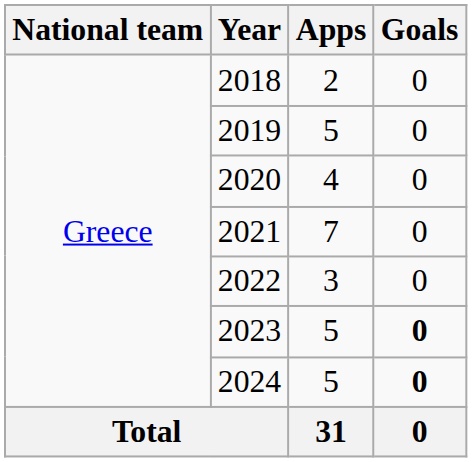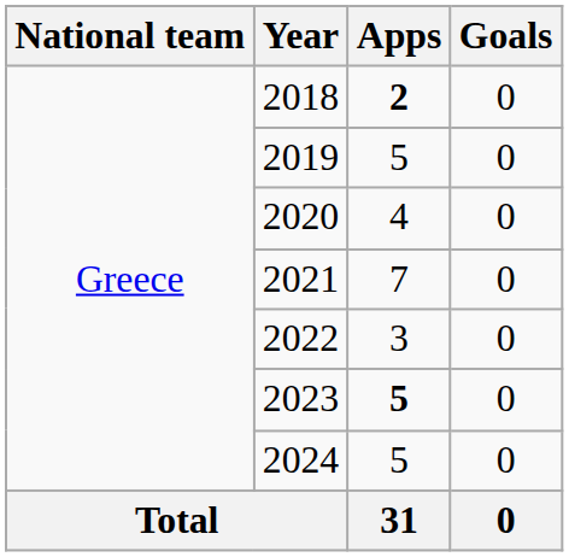 <table class=wikitable style=text-align:center>
 <tr>
 <th>National team</th>
 <th>Year</th>
 <th>Apps</th>
 <th>Goals</th>
 </tr>
 <tr>
 <td rowspan="7"><a href='#'>Greece</a></td>
 <td>2018</td>
-<td>2</td>
+<td><strong>2</strong></td>
 <td>0</td>
 </tr>
 <tr>
 <td>2019</td>
 <td>5</td>
 <td>0</td>
 </tr>
 <tr>
 <td>2020</td>
 <td>4</td>
 <td>0</td>
 </tr>
 <tr>
 <td>2021</td>
 <td>7</td>
 <td>0</td>
 </tr>
 <tr>
 <td>2022</td>
 <td>3</td>
 <td>0</td>
 </tr>
 <tr>
 <td>2023</td>
-<td>5</td>
-<td><strong>0</strong></td>
+<td><strong>5</strong></td>
+<td>0</td>
 </tr>
 <tr>
 <td>2024</td>
 <td>5</td>
-<td><strong>0</strong></td>
+<td>0</td>
 </tr>
 <tr>
 <th colspan="2">Total</th>
 <th>31</th>
 <th>0</th>
 </tr>
 </table>
